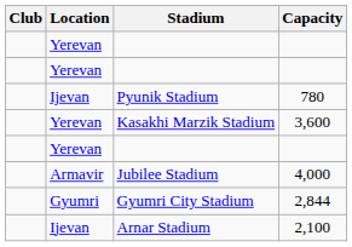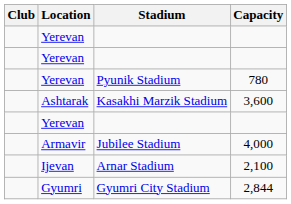 <table class="wikitable sortable" style="font-size:95%">
 <tr>
 <th>Club</th>
 <th>Location</th>
 <th>Stadium</th>
 <th>Capacity</th>
 </tr>
 <tr>
 <td></td>
 <td><a href='#'>Yerevan</a></td>
 <td></td>
 <td style="text-align:center;"></td>
 </tr>
 <tr>
 <td></td>
 <td><a href='#'>Yerevan</a></td>
 <td></td>
 <td style="text-align:center;"></td>
 </tr>
 <tr>
 <td></td>
-<td><a href='#'>Ijevan</a></td>
+<td><a href='#'>Yerevan</a></td>
 <td><a href='#'>Pyunik Stadium</a></td>
 <td style="text-align:center;">780</td>
 </tr>
 <tr>
 <td></td>
-<td><a href='#'>Yerevan</a></td>
+<td><a href='#'>Ashtarak</a></td>
 <td><a href='#'>Kasakhi Marzik Stadium</a></td>
 <td style="text-align:center;">3,600</td>
 </tr>
 <tr>
 <td></td>
 <td><a href='#'>Yerevan</a></td>
 <td></td>
 <td style="text-align:center;"></td>
 </tr>
 <tr>
 <td></td>
 <td><a href='#'>Armavir</a></td>
 <td><a href='#'>Jubilee Stadium</a></td>
 <td style="text-align:center;">4,000</td>
 </tr>
 <tr>
 <td></td>
+<td><a href='#'>Ijevan</a></td>
+<td><a href='#'>Arnar Stadium</a></td>
+<td style="text-align:center;">2,100</td>
+</tr>
+<tr>
+<td></td>
 <td><a href='#'>Gyumri</a></td>
 <td><a href='#'>Gyumri City Stadium</a></td>
 <td style="text-align:center;">2,844</td>
 </tr>
-<tr>
-<td></td>
-<td><a href='#'>Ijevan</a></td>
-<td><a href='#'>Arnar Stadium</a></td>
-<td style="text-align:center;">2,100</td>
-</tr>
 </table>
